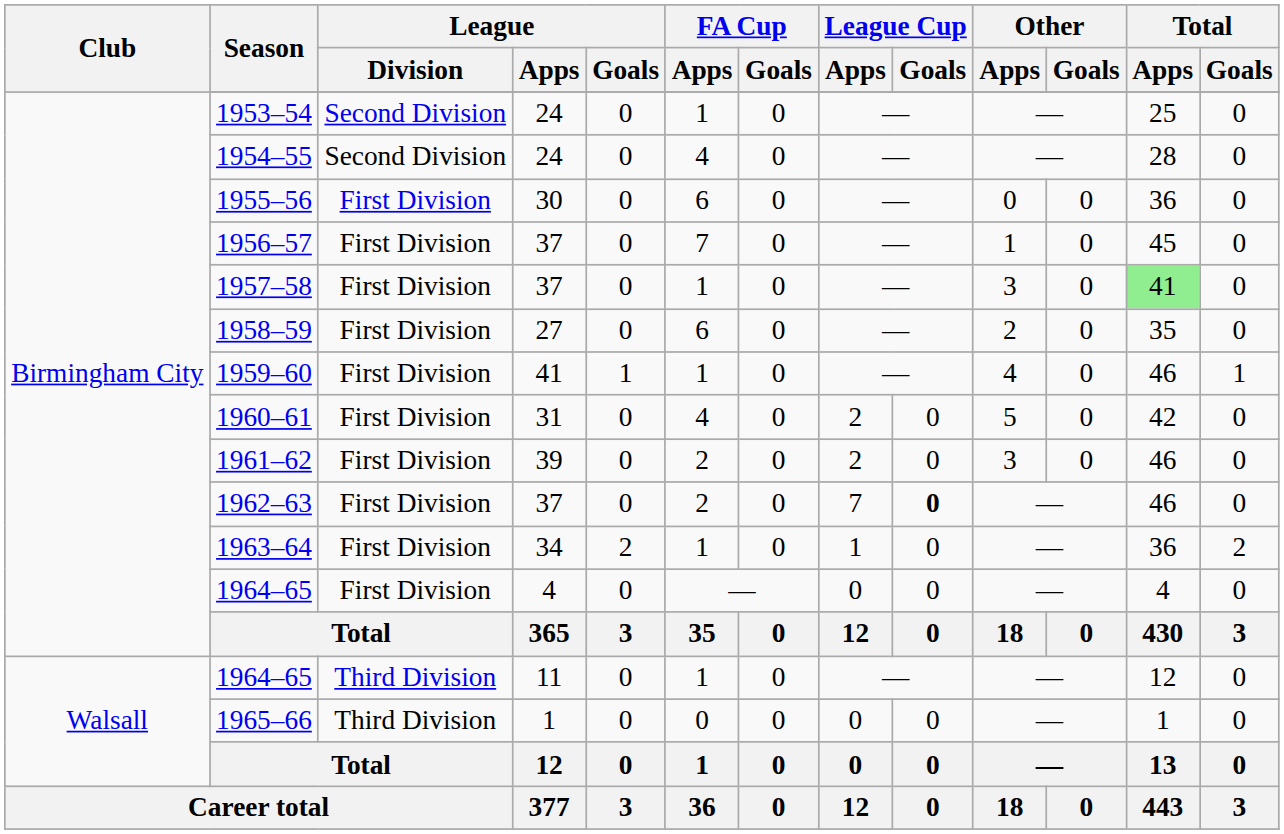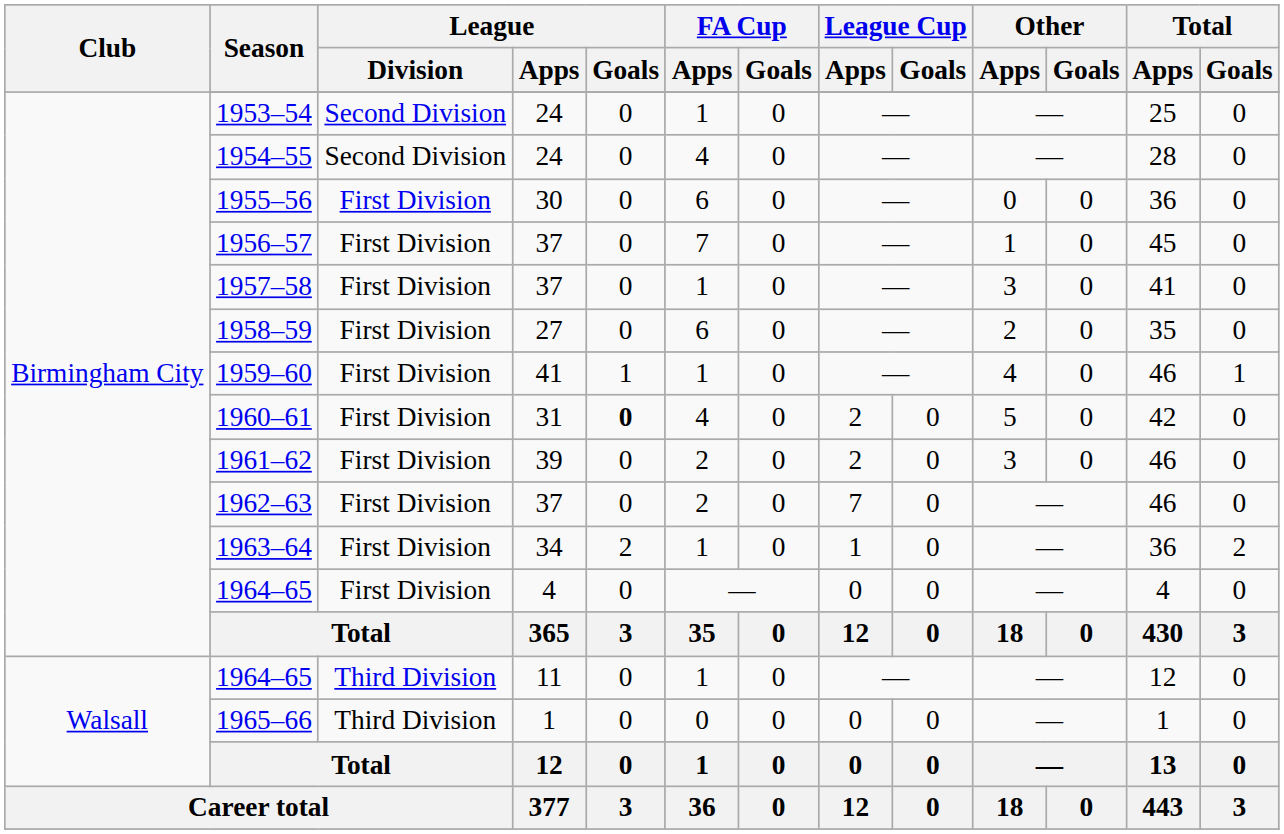 <table class=wikitable style="text-align:center">
 <tr>
 <th rowspan="2">Club</th>
 <th rowspan="2">Season</th>
 <th colspan="3">League</th>
 <th colspan="2"><a href='#'>FA Cup</a></th>
 <th colspan="2"><a href='#'>League Cup</a></th>
 <th colspan="2">Other</th>
 <th colspan="2">Total</th>
 </tr>
 <tr>
 <th>Division</th>
 <th>Apps</th>
 <th>Goals</th>
 <th>Apps</th>
 <th>Goals</th>
 <th>Apps</th>
 <th>Goals</th>
 <th>Apps</th>
 <th>Goals</th>
 <th>Apps</th>
 <th>Goals</th>
 </tr>
 <tr>
 <td rowspan="14"><a href='#'>Birmingham City</a></td>
 </tr>
 <tr>
 <td><a href='#'>1953–54</a></td>
 <td><a href='#'>Second Division</a></td>
 <td>24</td>
 <td>0</td>
 <td>1</td>
 <td>0</td>
 <td colspan="2">—</td>
 <td colspan="2">—</td>
 <td>25</td>
 <td>0</td>
 </tr>
 <tr>
 <td><a href='#'>1954–55</a></td>
 <td>Second Division</td>
 <td>24</td>
 <td>0</td>
 <td>4</td>
 <td>0</td>
 <td colspan="2">—</td>
 <td colspan="2">—</td>
 <td>28</td>
 <td>0</td>
 </tr>
 <tr>
 <td><a href='#'>1955–56</a></td>
 <td><a href='#'>First Division</a></td>
 <td>30</td>
 <td>0</td>
 <td>6</td>
 <td>0</td>
 <td colspan="2">—</td>
 <td>0</td>
 <td>0</td>
 <td>36</td>
 <td>0</td>
 </tr>
 <tr>
 <td><a href='#'>1956–57</a></td>
 <td>First Division</td>
 <td>37</td>
 <td>0</td>
 <td>7</td>
 <td>0</td>
 <td colspan="2">—</td>
 <td>1</td>
 <td>0</td>
 <td>45</td>
 <td>0</td>
 </tr>
 <tr>
 <td><a href='#'>1957–58</a></td>
 <td>First Division</td>
 <td>37</td>
 <td>0</td>
 <td>1</td>
 <td>0</td>
 <td colspan="2">—</td>
 <td>3</td>
 <td>0</td>
-<td style="background: lightgreen;">41</td>
+<td>41</td>
 <td>0</td>
 </tr>
 <tr>
 <td><a href='#'>1958–59</a></td>
 <td>First Division</td>
 <td>27</td>
 <td>0</td>
 <td>6</td>
 <td>0</td>
 <td colspan="2">—</td>
 <td>2</td>
 <td>0</td>
 <td>35</td>
 <td>0</td>
 </tr>
 <tr>
 <td><a href='#'>1959–60</a></td>
 <td>First Division</td>
 <td>41</td>
 <td>1</td>
 <td>1</td>
 <td>0</td>
 <td colspan="2">—</td>
 <td>4</td>
 <td>0</td>
 <td>46</td>
 <td>1</td>
 </tr>
 <tr>
 <td><a href='#'>1960–61</a></td>
 <td>First Division</td>
 <td>31</td>
-<td>0</td>
+<td><strong>0</strong></td>
 <td>4</td>
 <td>0</td>
 <td>2</td>
 <td>0</td>
 <td>5</td>
 <td>0</td>
 <td>42</td>
 <td>0</td>
 </tr>
 <tr>
 <td><a href='#'>1961–62</a></td>
 <td>First Division</td>
 <td>39</td>
 <td>0</td>
 <td>2</td>
 <td>0</td>
 <td>2</td>
 <td>0</td>
 <td>3</td>
 <td>0</td>
 <td>46</td>
 <td>0</td>
 </tr>
 <tr>
 <td><a href='#'>1962–63</a></td>
 <td>First Division</td>
 <td>37</td>
 <td>0</td>
 <td>2</td>
 <td>0</td>
 <td>7</td>
-<td><strong>0</strong></td>
+<td>0</td>
 <td colspan="2">—</td>
 <td>46</td>
 <td>0</td>
 </tr>
 <tr>
 <td><a href='#'>1963–64</a></td>
 <td>First Division</td>
 <td>34</td>
 <td>2</td>
 <td>1</td>
 <td>0</td>
 <td>1</td>
 <td>0</td>
 <td colspan="2">—</td>
 <td>36</td>
 <td>2</td>
 </tr>
 <tr>
 <td><a href='#'>1964–65</a></td>
 <td>First Division</td>
 <td>4</td>
 <td>0</td>
 <td colspan="2">—</td>
 <td>0</td>
 <td>0</td>
 <td colspan="2">—</td>
 <td>4</td>
 <td>0</td>
 </tr>
 <tr>
 <th colspan="2">Total</th>
 <th>365</th>
 <th>3</th>
 <th>35</th>
 <th>0</th>
 <th>12</th>
 <th>0</th>
 <th>18</th>
 <th>0</th>
 <th>430</th>
 <th>3</th>
 </tr>
 <tr>
 <td rowspan="3"><a href='#'>Walsall</a></td>
 <td><a href='#'>1964–65</a></td>
 <td><a href='#'>Third Division</a></td>
 <td>11</td>
 <td>0</td>
 <td>1</td>
 <td>0</td>
 <td colspan="2">—</td>
 <td colspan="2">—</td>
 <td>12</td>
 <td>0</td>
 </tr>
 <tr>
 <td><a href='#'>1965–66</a></td>
 <td>Third Division</td>
 <td>1</td>
 <td>0</td>
 <td>0</td>
 <td>0</td>
 <td>0</td>
 <td>0</td>
 <td colspan="2">—</td>
 <td>1</td>
 <td>0</td>
 </tr>
 <tr>
 <th colspan="2">Total</th>
 <th>12</th>
 <th>0</th>
 <th>1</th>
 <th>0</th>
 <th>0</th>
 <th>0</th>
 <th colspan="2">—</th>
 <th>13</th>
 <th>0</th>
 </tr>
 <tr>
 <th colspan="3">Career total</th>
 <th>377</th>
 <th>3</th>
 <th>36</th>
 <th>0</th>
 <th>12</th>
 <th>0</th>
 <th>18</th>
 <th>0</th>
 <th>443</th>
 <th>3</th>
 </tr>
 </table>
